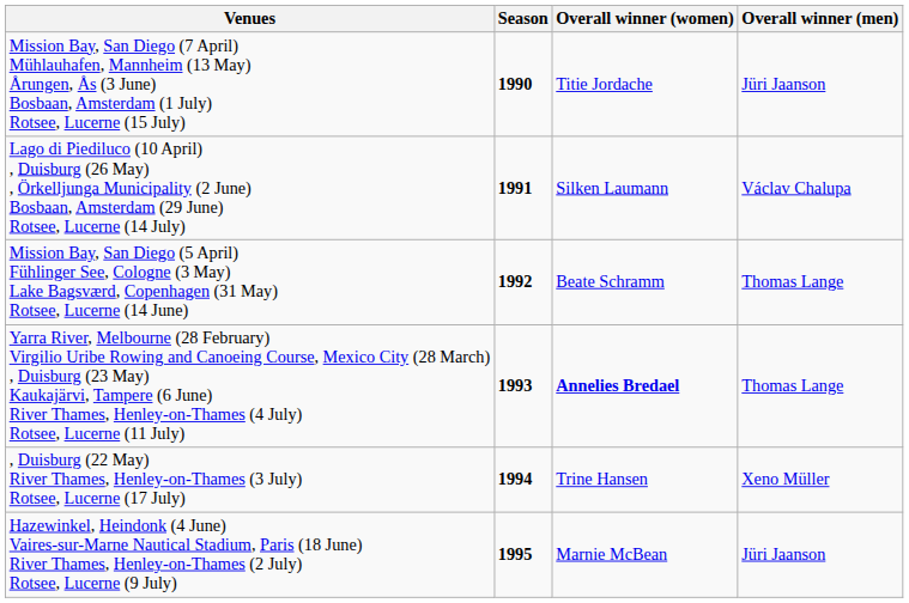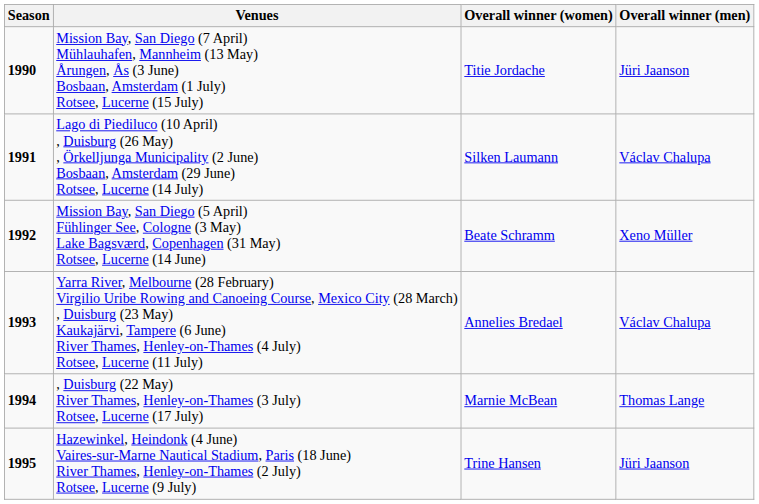 <table class="wikitable">
 <tr>
+<th>Season</th>
 <th>Venues</th>
-<th>Season</th>
 <th>Overall winner (women)</th>
 <th>Overall winner (men)</th>
 </tr>
 <tr>
+<td><strong>1990</strong></td>
 <td> <a href='#'>Mission Bay</a>, <a href='#'>San Diego</a> (7 April)<br> <a href='#'>Mühlauhafen</a>, <a href='#'>Mannheim</a> (13 May)<br> <a href='#'>Årungen</a>, <a href='#'>Ås</a> (3 June)<br> <a href='#'>Bosbaan</a>, <a href='#'>Amsterdam</a> (1 July)<br> <a href='#'>Rotsee</a>, <a href='#'>Lucerne</a> (15 July)</td>
-<td><strong>1990</strong></td>
 <td><a href='#'>Titie Jordache</a><br></td>
 <td><a href='#'>Jüri Jaanson</a><br></td>
 </tr>
 <tr>
+<td><strong>1991</strong></td>
 <td> <a href='#'>Lago di Piediluco</a> (10 April)<br> , <a href='#'>Duisburg</a> (26 May)<br> , <a href='#'>Örkelljunga Municipality</a> (2 June)<br> <a href='#'>Bosbaan</a>, <a href='#'>Amsterdam</a> (29 June)<br> <a href='#'>Rotsee</a>, <a href='#'>Lucerne</a> (14 July)</td>
-<td><strong>1991</strong></td>
 <td><a href='#'>Silken Laumann</a><br></td>
 <td><a href='#'>Václav Chalupa</a><br></td>
 </tr>
 <tr>
+<td><strong>1992</strong></td>
 <td> <a href='#'>Mission Bay</a>, <a href='#'>San Diego</a> (5 April)<br> <a href='#'>Fühlinger See</a>, <a href='#'>Cologne</a> (3 May)<br> <a href='#'>Lake Bagsværd</a>, <a href='#'>Copenhagen</a> (31 May)<br> <a href='#'>Rotsee</a>, <a href='#'>Lucerne</a> (14 June)</td>
-<td><strong>1992</strong></td>
 <td><a href='#'>Beate Schramm</a><br></td>
+<td><a href='#'>Xeno Müller</a><br></td>
+</tr>
+<tr>
+<td><strong>1993</strong></td>
+<td> <a href='#'>Yarra River</a>, <a href='#'>Melbourne</a> (28 February)<br> <a href='#'>Virgilio Uribe Rowing and Canoeing Course</a>, <a href='#'>Mexico City</a> (28 March)<br> , <a href='#'>Duisburg</a> (23 May)<br> <a href='#'>Kaukajärvi</a>, <a href='#'>Tampere</a> (6 June)<br> <a href='#'>River Thames</a>, <a href='#'>Henley-on-Thames</a> (4 July)<br> <a href='#'>Rotsee</a>, <a href='#'>Lucerne</a> (11 July)</td>
+<td><a href='#'>Annelies Bredael</a><br></td>
+<td><a href='#'>Václav Chalupa</a><br></td>
+</tr>
+<tr>
+<td><strong>1994</strong></td>
+<td> , <a href='#'>Duisburg</a> (22 May)<br> <a href='#'>River Thames</a>, <a href='#'>Henley-on-Thames</a> (3 July)<br> <a href='#'>Rotsee</a>, <a href='#'>Lucerne</a> (17 July)</td>
+<td><a href='#'>Marnie McBean</a><br></td>
 <td><a href='#'>Thomas Lange</a><br></td>
 </tr>
 <tr>
-<td> <a href='#'>Yarra River</a>, <a href='#'>Melbourne</a> (28 February)<br> <a href='#'>Virgilio Uribe Rowing and Canoeing Course</a>, <a href='#'>Mexico City</a> (28 March)<br> , <a href='#'>Duisburg</a> (23 May)<br> <a href='#'>Kaukajärvi</a>, <a href='#'>Tampere</a> (6 June)<br> <a href='#'>River Thames</a>, <a href='#'>Henley-on-Thames</a> (4 July)<br> <a href='#'>Rotsee</a>, <a href='#'>Lucerne</a> (11 July)</td>
-<td><strong>1993</strong></td>
-<td><strong><a href='#'>Annelies Bredael</a><br></strong></td>
-<td><a href='#'>Thomas Lange</a><br></td>
-</tr>
-<tr>
-<td> , <a href='#'>Duisburg</a> (22 May)<br> <a href='#'>River Thames</a>, <a href='#'>Henley-on-Thames</a> (3 July)<br> <a href='#'>Rotsee</a>, <a href='#'>Lucerne</a> (17 July)</td>
-<td><strong>1994</strong></td>
+<td><strong>1995</strong></td>
+<td> <a href='#'>Hazewinkel</a>, <a href='#'>Heindonk</a> (4 June)<br> <a href='#'>Vaires-sur-Marne Nautical Stadium</a>, <a href='#'>Paris</a> (18 June)<br> <a href='#'>River Thames</a>, <a href='#'>Henley-on-Thames</a> (2 July)<br> <a href='#'>Rotsee</a>, <a href='#'>Lucerne</a> (9 July)</td>
 <td><a href='#'>Trine Hansen</a><br></td>
-<td><a href='#'>Xeno Müller</a><br></td>
-</tr>
-<tr>
-<td> <a href='#'>Hazewinkel</a>, <a href='#'>Heindonk</a> (4 June)<br> <a href='#'>Vaires-sur-Marne Nautical Stadium</a>, <a href='#'>Paris</a> (18 June)<br> <a href='#'>River Thames</a>, <a href='#'>Henley-on-Thames</a> (2 July)<br> <a href='#'>Rotsee</a>, <a href='#'>Lucerne</a> (9 July)</td>
-<td><strong>1995</strong></td>
-<td><a href='#'>Marnie McBean</a><br></td>
 <td><a href='#'>Jüri Jaanson</a><br></td>
 </tr>
 </table>
